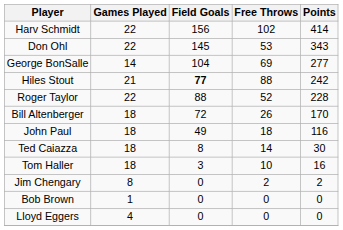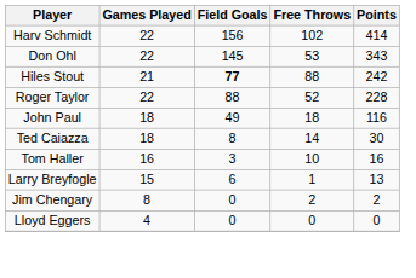 <table class="wikitable sortable">
 <tr>
 <th>Player</th>
 <th>Games Played</th>
 <th>Field Goals</th>
 <th>Free Throws</th>
 <th>Points</th>
 </tr>
 <tr align="center" bgcolor="">
 <td>Harv Schmidt</td>
 <td>22</td>
 <td>156</td>
 <td>102</td>
 <td>414</td>
 </tr>
 <tr align="center" bgcolor="">
 <td>Don Ohl</td>
 <td>22</td>
 <td>145</td>
 <td>53</td>
 <td>343</td>
 </tr>
 <tr align="center" bgcolor="">
-<td>George BonSalle</td>
-<td>14</td>
-<td>104</td>
-<td>69</td>
-<td>277</td>
-</tr>
-<tr align="center" bgcolor="">
 <td>Hiles Stout</td>
 <td>21</td>
 <td><strong>77</strong></td>
 <td>88</td>
 <td>242</td>
 </tr>
 <tr align="center" bgcolor="">
 <td>Roger Taylor</td>
 <td>22</td>
 <td>88</td>
 <td>52</td>
 <td>228</td>
-</tr>
-<tr align="center" bgcolor="">
-<td>Bill Altenberger</td>
-<td>18</td>
-<td>72</td>
-<td>26</td>
-<td>170</td>
 </tr>
 <tr align="center" bgcolor="">
 <td>John Paul</td>
 <td>18</td>
 <td>49</td>
 <td>18</td>
 <td>116</td>
 </tr>
 <tr align="center" bgcolor="">
 <td>Ted Caiazza</td>
 <td>18</td>
 <td>8</td>
 <td>14</td>
 <td>30</td>
 </tr>
 <tr align="center" bgcolor="">
 <td>Tom Haller</td>
-<td>18</td>
+<td>16</td>
 <td>3</td>
 <td>10</td>
 <td>16</td>
+</tr>
+<tr align="center" bgcolor="">
+<td>Larry Breyfogle</td>
+<td>15</td>
+<td>6</td>
+<td>1</td>
+<td>13</td>
 </tr>
 <tr align="center" bgcolor="">
 <td>Jim Chengary</td>
 <td>8</td>
 <td>0</td>
 <td>2</td>
 <td>2</td>
-</tr>
-<tr align="center" bgcolor="">
-<td>Bob Brown</td>
-<td>1</td>
-<td>0</td>
-<td>0</td>
-<td>0</td>
 </tr>
 <tr align="center" bgcolor="">
 <td>Lloyd Eggers</td>
 <td>4</td>
 <td>0</td>
 <td>0</td>
 <td>0</td>
 </tr>
 <tr align="center" bgcolor="">
 </tr>
 </table>
